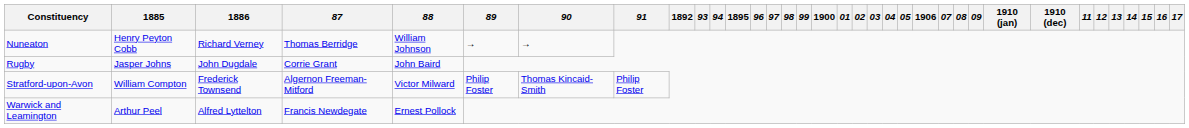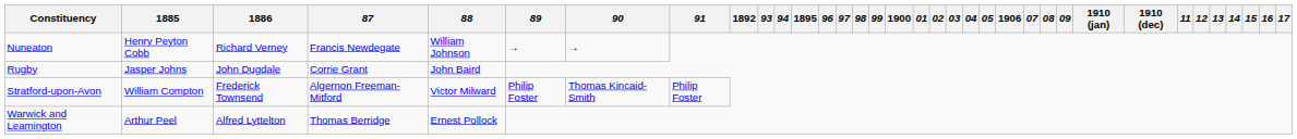 <table class="wikitable">
 <tr>
 <th>Constituency</th>
 <th>1885</th>
 <th>1886</th>
 <th><em>87</em></th>
 <th><em>88</em></th>
 <th><em>89</em></th>
 <th><em>90</em></th>
 <th><em>91</em></th>
 <th>1892</th>
 <th><em>93</em></th>
 <th><em>94</em></th>
 <th>1895</th>
 <th><em>96</em></th>
 <th><em>97</em></th>
 <th><em>98</em></th>
 <th><em>99</em></th>
 <th>1900</th>
 <th><em>01</em></th>
 <th><em>02</em></th>
 <th><em>03</em></th>
 <th><em>04</em></th>
 <th><em>05</em></th>
 <th>1906</th>
 <th><em>07</em></th>
 <th><em>08</em></th>
 <th><em>09</em></th>
 <th>1910 (jan)</th>
 <th>1910 (dec)</th>
 <th><em>11</em></th>
 <th><em>12</em></th>
 <th><em>13</em></th>
 <th><em>14</em></th>
 <th><em>15</em></th>
 <th><em>16</em></th>
 <th><em>17</em></th>
 </tr>
 <tr>
 <td><a href='#'>Nuneaton</a></td>
 <td><a href='#'>Henry Peyton Cobb</a></td>
 <td><a href='#'>Richard Verney</a></td>
-<td><a href='#'>Thomas Berridge</a></td>
+<td><a href='#'>Francis Newdegate</a></td>
 <td><a href='#'>William Johnson</a></td>
 <td>→</td>
 <td>→</td>
 </tr>
 <tr>
 <td><a href='#'>Rugby</a></td>
 <td><a href='#'>Jasper Johns</a></td>
 <td><a href='#'>John Dugdale</a></td>
 <td><a href='#'>Corrie Grant</a></td>
 <td><a href='#'>John Baird</a></td>
 </tr>
 <tr>
 <td><a href='#'>Stratford-upon-Avon</a></td>
 <td><a href='#'>William Compton</a></td>
 <td><a href='#'>Frederick Townsend</a></td>
 <td><a href='#'>Algernon Freeman-Mitford</a></td>
 <td><a href='#'>Victor Milward</a></td>
 <td><a href='#'>Philip Foster</a></td>
 <td><a href='#'>Thomas Kincaid-Smith</a></td>
 <td><a href='#'>Philip Foster</a></td>
 </tr>
 <tr>
 <td><a href='#'>Warwick and Leamington</a></td>
 <td><a href='#'>Arthur Peel</a></td>
 <td><a href='#'>Alfred Lyttelton</a></td>
-<td><a href='#'>Francis Newdegate</a></td>
+<td><a href='#'>Thomas Berridge</a></td>
 <td><a href='#'>Ernest Pollock</a></td>
 </tr>
 </table>
